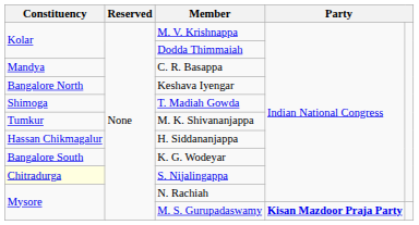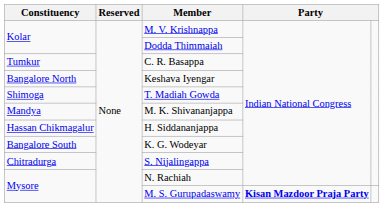 <table class="wikitable sortable">
 <tr>
 <th>Constituency</th>
 <th>Reserved</th>
 <th>Member</th>
 <th colspan=2>Party</th>
 </tr>
 <tr>
 <td rowspan=2><a href='#'>Kolar</a></td>
 <td rowspan=11>None</td>
 <td><a href='#'>M. V. Krishnappa</a></td>
 <td rowspan=10><a href='#'>Indian National Congress</a></td>
 <td rowspan=10 width="4px" style="background-color: "></td>
 </tr>
 <tr>
 <td><a href='#'>Dodda Thimmaiah</a></td>
 </tr>
 <tr>
-<td><a href='#'>Mandya</a></td>
+<td><a href='#'>Tumkur</a></td>
 <td>C. R. Basappa</td>
 </tr>
 <tr>
 <td><a href='#'>Bangalore North</a></td>
 <td>Keshava Iyengar</td>
 </tr>
 <tr>
 <td><a href='#'>Shimoga</a></td>
 <td><a href='#'>T. Madiah Gowda</a></td>
 </tr>
 <tr>
-<td><a href='#'>Tumkur</a></td>
+<td><a href='#'>Mandya</a></td>
 <td>M. K. Shivananjappa</td>
 </tr>
 <tr>
 <td><a href='#'>Hassan Chikmagalur</a></td>
 <td>H. Siddananjappa</td>
 </tr>
 <tr>
 <td><a href='#'>Bangalore South</a></td>
 <td>K. G. Wodeyar</td>
 </tr>
 <tr>
-<td style="background: lightyellow;"><a href='#'>Chitradurga</a></td>
+<td><a href='#'>Chitradurga</a></td>
 <td><a href='#'>S. Nijalingappa</a></td>
 </tr>
 <tr>
 <td rowspan=2><a href='#'>Mysore</a></td>
 <td>N. Rachiah</td>
 </tr>
 <tr>
 <td><a href='#'>M. S. Gurupadaswamy</a></td>
 <td><strong><a href='#'>Kisan Mazdoor Praja Party</a></strong></td>
 <td width="4px" style="background-color: "></td>
 </tr>
 </table>
